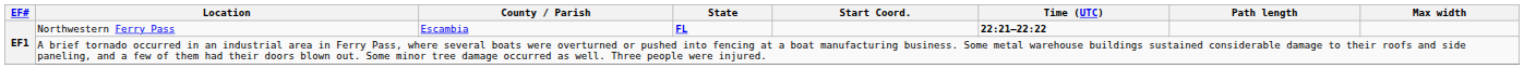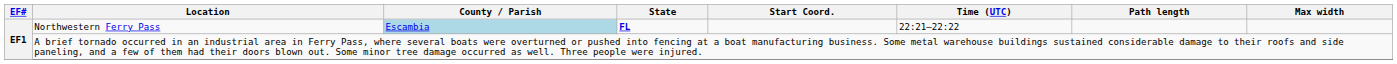 <table class="wikitable sortable" style="width:100%;">
 <tr>
 <th scope="col" width="2%" align="center"><a href='#'>EF#</a></th>
 <th scope="col" align="center" class="unsortable">Location</th>
 <th scope="col" align="center" class="unsortable">County / Parish</th>
 <th scope="col" align="center">State</th>
 <th scope="col" align="center">Start Coord.</th>
 <th scope="col" align="center">Time (<a href='#'>UTC</a>)</th>
 <th scope="col" align="center">Path length</th>
 <th scope="col" align="center">Max width</th>
 </tr>
 <tr>
 <th scope="row" rowspan="2" style="background-color:#">EF1</th>
 <td>Northwestern <a href='#'>Ferry Pass</a></td>
-<td><a href='#'>Escambia</a></td>
+<td style="background: lightblue;"><a href='#'>Escambia</a></td>
 <td><strong><a href='#'>FL</a></strong></td>
 <td></td>
-<td><strong>22:21–22:22</strong></td>
+<td>22:21–22:22</td>
 <td></td>
 <td></td>
 </tr>
 <tr class="expand-child">
 <td colspan="8" style=" border-bottom: 1px solid black;">A brief tornado occurred in an industrial area in Ferry Pass, where several boats were overturned or pushed into fencing at a boat manufacturing business. Some metal warehouse buildings sustained considerable damage to their roofs and side paneling, and a few of them had their doors blown out. Some minor tree damage occurred as well. Three people were injured.</td>
 </tr>
 <tr>
 </tr>
 </table>
